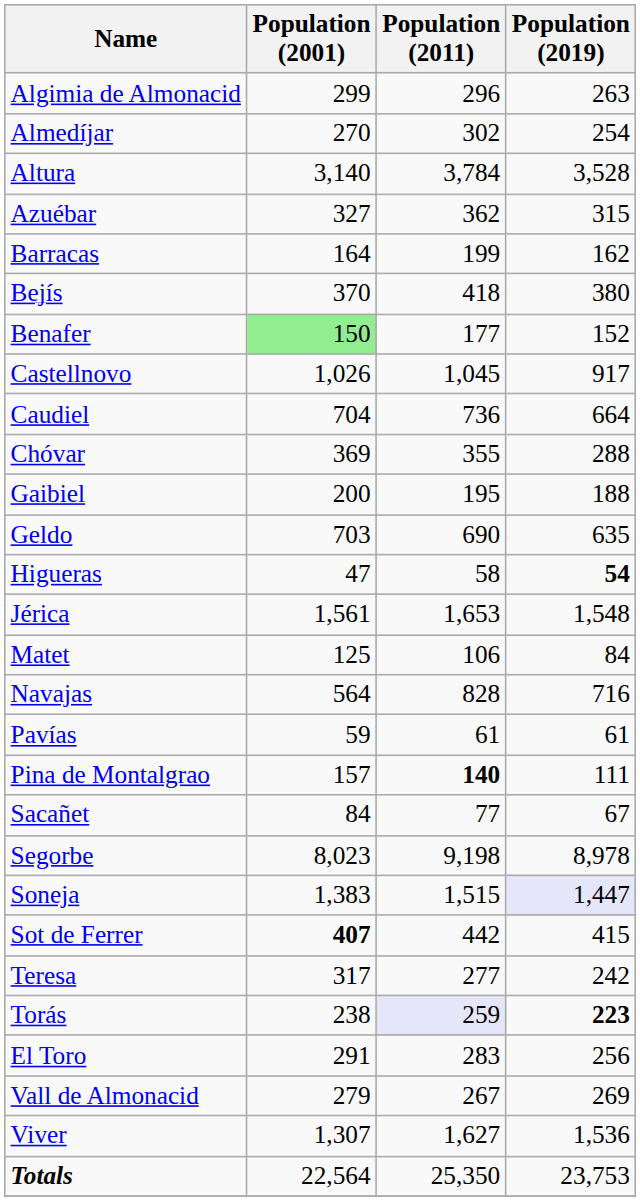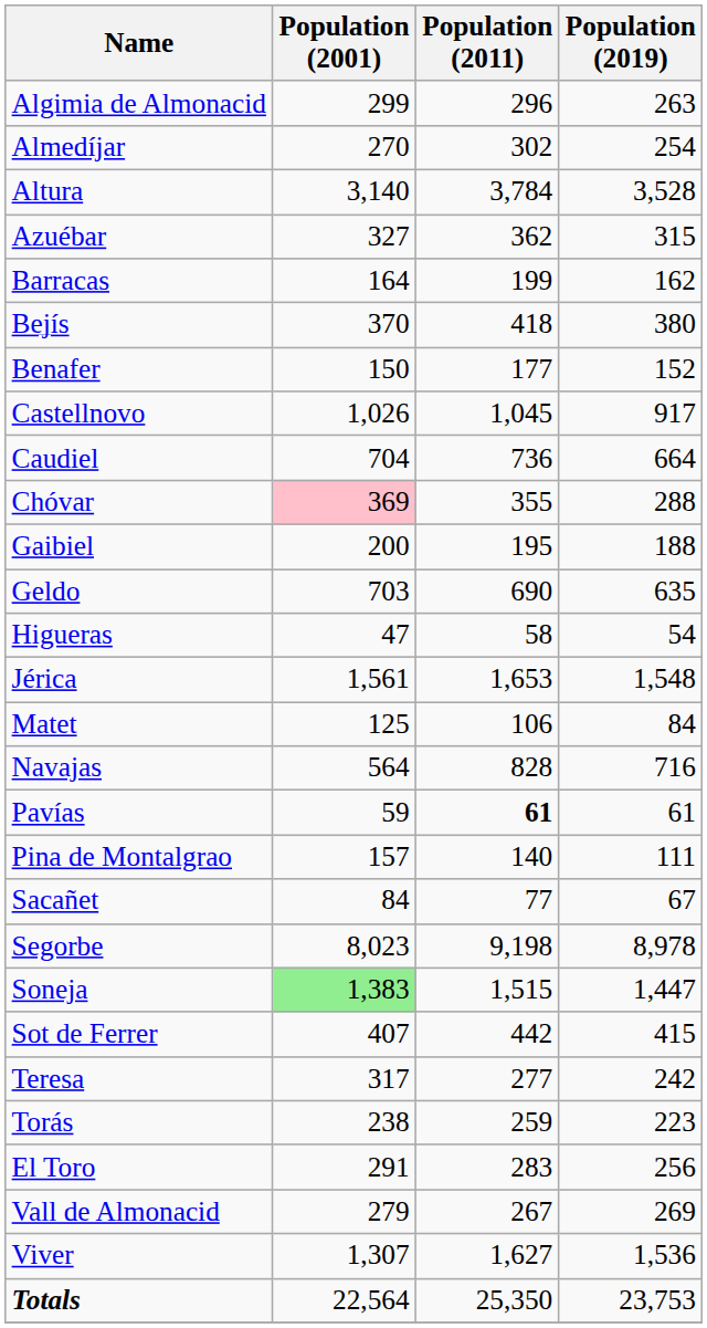 <table class="wikitable sortable">
 <tr>
 <th><strong>Name</strong></th>
 <th><strong>Population<br>(2001)</strong></th>
 <th><strong>Population<br>(2011)</strong></th>
 <th><strong>Population<br>(2019)</strong></th>
 </tr>
 <tr>
 <td><a href='#'>Algimia de Almonacid</a></td>
 <td align=right>299</td>
 <td align=right>296</td>
 <td align=right>263</td>
 </tr>
 <tr>
 <td><a href='#'>Almedíjar</a></td>
 <td align=right>270</td>
 <td align=right>302</td>
 <td align=right>254</td>
 </tr>
 <tr>
 <td><a href='#'>Altura</a></td>
 <td align=right>3,140</td>
 <td align=right>3,784</td>
 <td align=right>3,528</td>
 </tr>
 <tr>
 <td><a href='#'>Azuébar</a></td>
 <td align=right>327</td>
 <td align=right>362</td>
 <td align=right>315</td>
 </tr>
 <tr>
 <td><a href='#'>Barracas</a></td>
 <td align=right>164</td>
 <td align=right>199</td>
 <td align=right>162</td>
 </tr>
 <tr>
 <td><a href='#'>Bejís</a></td>
 <td align=right>370</td>
 <td align=right>418</td>
 <td align=right>380</td>
 </tr>
 <tr>
 <td><a href='#'>Benafer</a></td>
-<td align=right style="background: lightgreen;">150</td>
+<td align=right>150</td>
 <td align=right>177</td>
 <td align=right>152</td>
 </tr>
 <tr>
 <td><a href='#'>Castellnovo</a></td>
 <td align=right>1,026</td>
 <td align=right>1,045</td>
 <td align=right>917</td>
 </tr>
 <tr>
 <td><a href='#'>Caudiel</a></td>
 <td align=right>704</td>
 <td align=right>736</td>
 <td align=right>664</td>
 </tr>
 <tr>
 <td><a href='#'>Chóvar</a></td>
-<td align=right>369</td>
+<td align=right style="background: pink;">369</td>
 <td align=right>355</td>
 <td align=right>288</td>
 </tr>
 <tr>
 <td><a href='#'>Gaibiel</a></td>
 <td align=right>200</td>
 <td align=right>195</td>
 <td align=right>188</td>
 </tr>
 <tr>
 <td><a href='#'>Geldo</a></td>
 <td align=right>703</td>
 <td align=right>690</td>
 <td align=right>635</td>
 </tr>
 <tr>
 <td><a href='#'>Higueras</a></td>
 <td align=right>47</td>
 <td align=right>58</td>
-<td align=right><strong>54</strong></td>
+<td align=right>54</td>
 </tr>
 <tr>
 <td><a href='#'>Jérica</a></td>
 <td align=right>1,561</td>
 <td align=right>1,653</td>
 <td align=right>1,548</td>
 </tr>
 <tr>
 <td><a href='#'>Matet</a></td>
 <td align=right>125</td>
 <td align=right>106</td>
 <td align=right>84</td>
 </tr>
 <tr>
 <td><a href='#'>Navajas</a></td>
 <td align=right>564</td>
 <td align=right>828</td>
 <td align=right>716</td>
 </tr>
 <tr>
 <td><a href='#'>Pavías</a></td>
 <td align=right>59</td>
-<td align=right>61</td>
+<td align=right><strong>61</strong></td>
 <td align=right>61</td>
 </tr>
 <tr>
 <td><a href='#'>Pina de Montalgrao</a></td>
 <td align=right>157</td>
-<td align=right><strong>140</strong></td>
+<td align=right>140</td>
 <td align=right>111</td>
 </tr>
 <tr>
 <td><a href='#'>Sacañet</a></td>
 <td align=right>84</td>
 <td align=right>77</td>
 <td align=right>67</td>
 </tr>
 <tr>
 <td><a href='#'>Segorbe</a></td>
 <td align=right>8,023</td>
 <td align=right>9,198</td>
 <td align=right>8,978</td>
 </tr>
 <tr>
 <td><a href='#'>Soneja</a></td>
-<td align=right>1,383</td>
+<td align=right style="background: lightgreen;">1,383</td>
 <td align=right>1,515</td>
-<td align=right style="background: lavender;">1,447</td>
+<td align=right>1,447</td>
 </tr>
 <tr>
 <td><a href='#'>Sot de Ferrer</a></td>
-<td align=right><strong>407</strong></td>
+<td align=right>407</td>
 <td align=right>442</td>
 <td align=right>415</td>
 </tr>
 <tr>
 <td><a href='#'>Teresa</a></td>
 <td align=right>317</td>
 <td align=right>277</td>
 <td align=right>242</td>
 </tr>
 <tr>
 <td><a href='#'>Torás</a></td>
 <td align=right>238</td>
-<td align=right style="background: lavender;">259</td>
-<td align=right><strong>223</strong></td>
+<td align=right>259</td>
+<td align=right>223</td>
 </tr>
 <tr>
 <td><a href='#'>El Toro</a></td>
 <td align=right>291</td>
 <td align=right>283</td>
 <td align=right>256</td>
 </tr>
 <tr>
 <td><a href='#'>Vall de Almonacid</a></td>
 <td align=right>279</td>
 <td align=right>267</td>
 <td align=right>269</td>
 </tr>
 <tr>
 <td><a href='#'>Viver</a></td>
 <td align=right>1,307</td>
 <td align=right>1,627</td>
 <td align=right>1,536</td>
 </tr>
 <tr>
 <td><strong><em>Totals</em></strong></td>
 <td align=right>22,564</td>
 <td align=right>25,350</td>
 <td align=right>23,753</td>
 </tr>
 <tr>
 </tr>
 </table>
